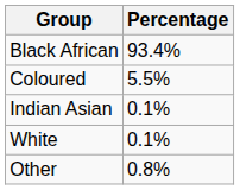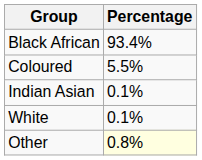 <table class="wikitable">
 <tr>
 <th>Group</th>
 <th>Percentage</th>
 </tr>
 <tr>
 <td>Black African</td>
 <td>93.4%</td>
 </tr>
 <tr>
 <td>Coloured</td>
 <td>5.5%</td>
 </tr>
 <tr>
 <td>Indian Asian</td>
 <td>0.1%</td>
 </tr>
 <tr>
 <td>White</td>
 <td>0.1%</td>
 </tr>
 <tr>
 <td>Other</td>
-<td>0.8%</td>
+<td style="background: lightyellow;">0.8%</td>
 </tr>
 </table>
